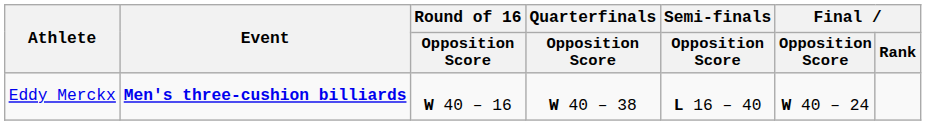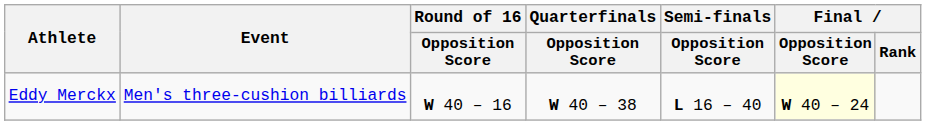 <table class="wikitable" style="font-size:90%">
 <tr>
 <th rowspan=2>Athlete</th>
 <th rowspan=2>Event</th>
 <th>Round of 16</th>
 <th>Quarterfinals</th>
 <th>Semi-finals</th>
 <th colspan=2>Final / </th>
 </tr>
 <tr style="font-size:95%">
 <th>Opposition<br>Score</th>
 <th>Opposition<br>Score</th>
 <th>Opposition<br>Score</th>
 <th>Opposition<br>Score</th>
 <th>Rank</th>
 </tr>
 <tr align=center>
 <td align=left><a href='#'>Eddy Merckx</a></td>
-<td align=left><strong><a href='#'>Men's three-cushion billiards</a></strong></td>
+<td align=left><a href='#'>Men's three-cushion billiards</a></td>
 <td><br> <strong>W</strong> 40 – 16</td>
 <td><br> <strong>W</strong> 40 – 38</td>
 <td><br> <strong>L</strong> 16 – 40</td>
-<td><br> <strong>W</strong> 40 – 24</td>
+<td style="background: lightyellow;"><br> <strong>W</strong> 40 – 24</td>
 <td></td>
 </tr>
 </table>
